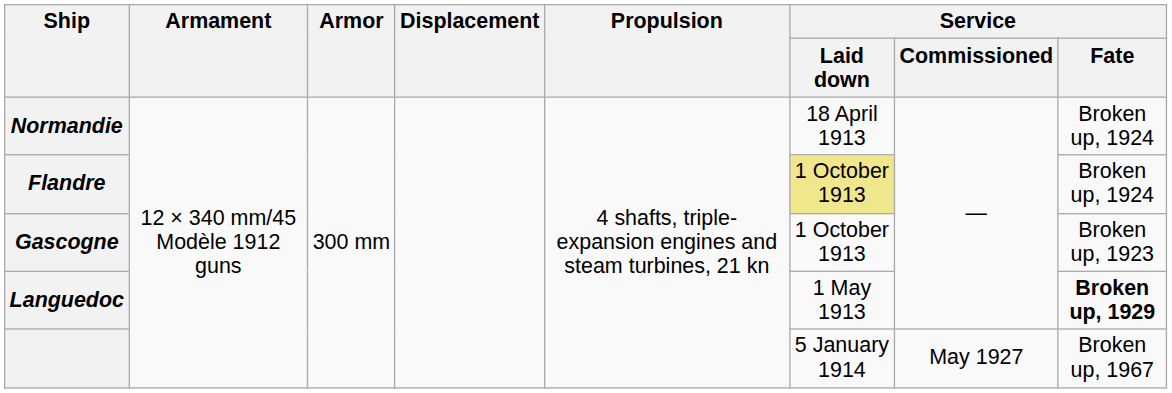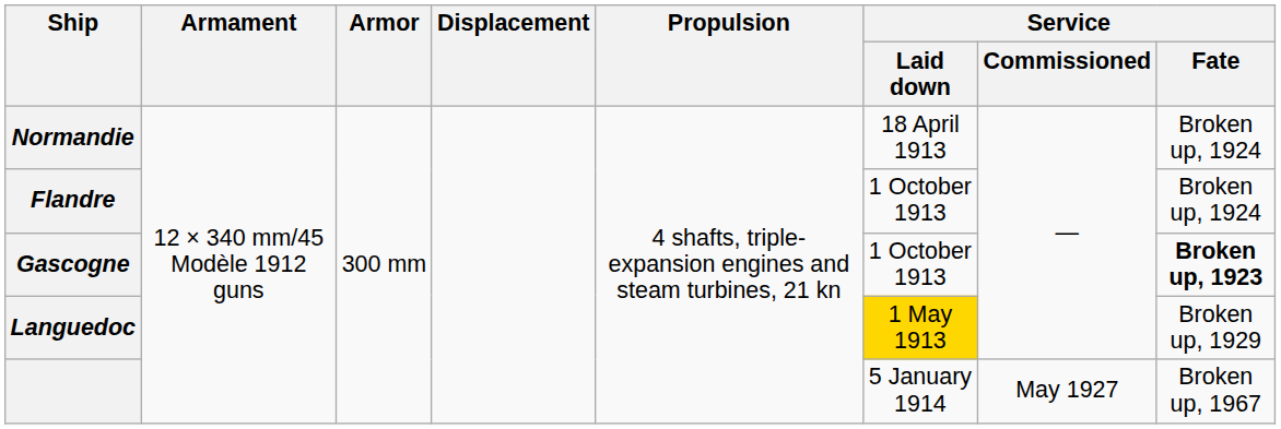 <table class="wikitable plainrowheaders" style="text-align: center;">
 <tr valign="top">
 <th scope="col" rowspan="2">Ship</th>
 <th scope="col" rowspan="2">Armament</th>
 <th scope="col" rowspan="2">Armor</th>
 <th scope="col" rowspan="2">Displacement</th>
 <th scope="col" rowspan="2">Propulsion</th>
 <th scope="col" colspan="3">Service</th>
 </tr>
 <tr valign="top">
 <th scope="col">Laid down</th>
 <th scope="col">Commissioned</th>
 <th scope="col">Fate</th>
 </tr>
 <tr valign="center">
 <th scope="row"><em>Normandie</em></th>
 <td rowspan="5">12 × 340 mm/45 Modèle 1912 guns</td>
 <td rowspan="5">300 mm</td>
 <td rowspan="5"></td>
 <td rowspan="5">4 shafts, triple-expansion engines and steam turbines, 21 kn</td>
 <td>18 April 1913</td>
 <td rowspan="4">—</td>
 <td>Broken up, 1924</td>
 </tr>
 <tr valign="center">
 <th scope="row"><em>Flandre</em></th>
-<td style="background: khaki;">1 October 1913</td>
+<td>1 October 1913</td>
 <td>Broken up, 1924</td>
 </tr>
 <tr valign="center">
 <th scope="row"><em>Gascogne</em></th>
 <td>1 October 1913</td>
-<td>Broken up, 1923</td>
+<td><strong>Broken up, 1923</strong></td>
 </tr>
 <tr valign="center">
 <th scope="row"><em>Languedoc</em></th>
-<td>1 May 1913</td>
-<td><strong>Broken up, 1929</strong></td>
+<td style="background: gold;">1 May 1913</td>
+<td>Broken up, 1929</td>
 </tr>
 <tr valign="center">
 <th scope="row"></th>
 <td>5 January 1914</td>
 <td>May 1927</td>
 <td>Broken up, 1967</td>
 </tr>
 </table>
